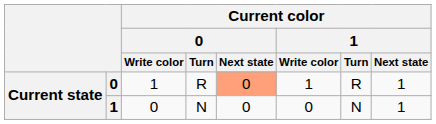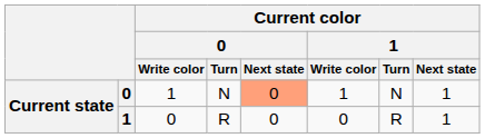 <table class="wikitable" style="text-align:center">
 <tr>
 <th rowspan="3" colspan="2"></th>
 <th colspan="6">Current color</th>
 </tr>
 <tr>
 <th colspan="3">0</th>
 <th colspan="3">1</th>
 </tr>
 <tr style="font-size:9pt">
 <th>Write color</th>
 <th>Turn</th>
 <th>Next state</th>
 <th>Write color</th>
 <th>Turn</th>
 <th>Next state</th>
 </tr>
 <tr>
 <th rowspan="2">Current state</th>
 <th>0</th>
 <td>1</td>
-<td>R</td>
+<td>N</td>
 <td style="background: lightsalmon;">0</td>
 <td>1</td>
-<td>R</td>
+<td>N</td>
 <td>1</td>
 </tr>
 <tr>
 <th>1</th>
 <td>0</td>
-<td>N</td>
+<td>R</td>
 <td>0</td>
 <td>0</td>
-<td>N</td>
+<td>R</td>
 <td>1</td>
 </tr>
 </table>
